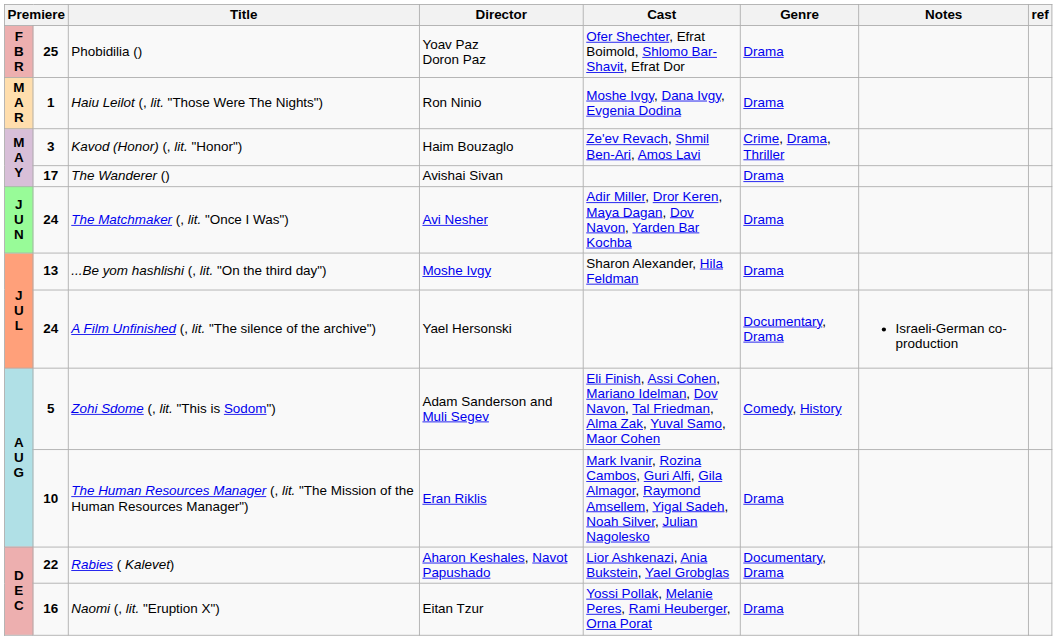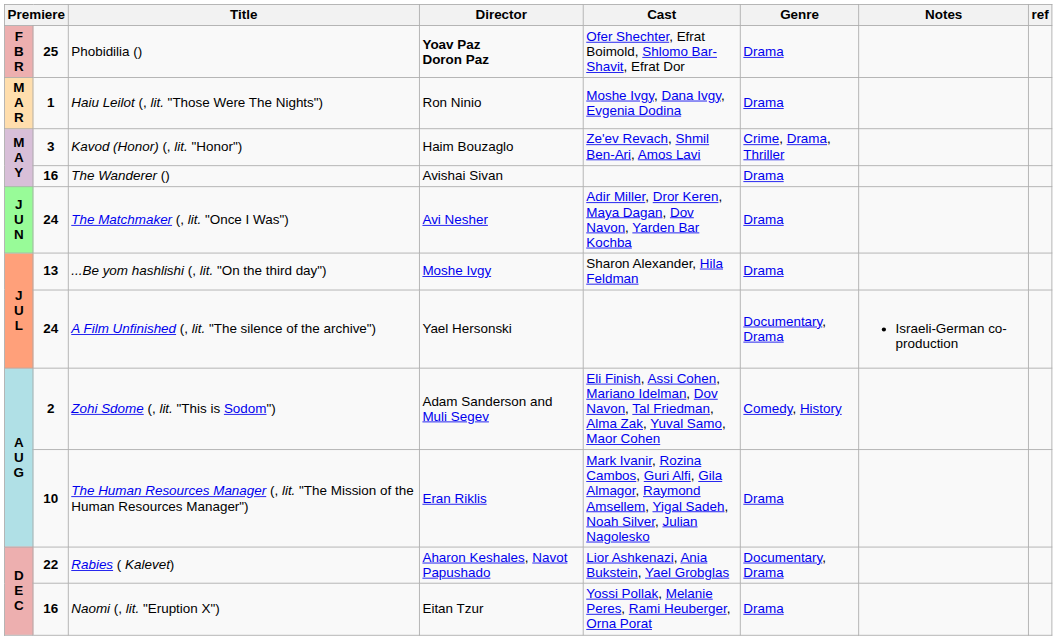 <table class="wikitable">
 <tr>
 <th colspan="2"><strong>Premiere</strong></th>
 <th>Title</th>
 <th>Director</th>
 <th width=15%>Cast</th>
 <th>Genre</th>
 <th>Notes</th>
 <th>ref</th>
 </tr>
 <tr>
 <td rowspan="1" align="center" style="background:#edafaf"><strong>F</strong><br><strong>B</strong><br><strong>R</strong></td>
 <td rowspan="1" align="center"><strong>25</strong></td>
 <td>Phobidilia ()</td>
-<td>Yoav Paz<br>Doron Paz</td>
+<td><strong>Yoav Paz<br>Doron Paz</strong></td>
 <td><a href='#'>Ofer Shechter</a>, Efrat Boimold, <a href='#'>Shlomo Bar-Shavit</a>, Efrat Dor</td>
 <td><a href='#'>Drama</a></td>
 <td></td>
 <td></td>
 </tr>
 <tr>
 <td rowspan="1" valign="center" align="center" style="background:#FFDEAD; textcolor:#000;"><strong>M<br>A<br>R</strong></td>
 <td rowspan="1" align="center"><strong>1</strong></td>
 <td><em>Haiu Leilot</em> (, <em>lit.</em> "Those Were The Nights")</td>
 <td>Ron Ninio</td>
 <td><a href='#'>Moshe Ivgy</a>, <a href='#'>Dana Ivgy</a>, <a href='#'>Evgenia Dodina</a></td>
 <td><a href='#'>Drama</a></td>
 <td></td>
 <td></td>
 </tr>
 <tr>
 <td rowspan="2" valign="center" align="center" style="background:thistle; textcolor:#000;"><strong>M<br>A<br>Y</strong></td>
 <td rowspan="1" align="center"><strong>3</strong></td>
 <td><em>Kavod (Honor)</em> (, <em>lit.</em> "Honor")</td>
 <td>Haim Bouzaglo</td>
 <td><a href='#'>Ze'ev Revach</a>, <a href='#'>Shmil Ben-Ari</a>, <a href='#'>Amos Lavi</a></td>
 <td><a href='#'>Crime</a>, <a href='#'>Drama</a>, <a href='#'>Thriller</a></td>
 <td></td>
 <td></td>
 </tr>
 <tr>
-<td rowspan="1" align="center"><strong>17</strong></td>
+<td rowspan="1" align="center"><strong>16</strong></td>
 <td><em>The Wanderer</em> ()</td>
 <td>Avishai Sivan</td>
 <td></td>
 <td><a href='#'>Drama</a></td>
 <td></td>
 <td></td>
 </tr>
 <tr>
 <td rowspan="1" valign="center" align="center" style="background:#98fb98; textcolor:#000;"><strong>J<br>U<br>N</strong></td>
 <td rowspan="1" align="center"><strong>24</strong></td>
 <td><em><a href='#'>The Matchmaker</a></em> (, <em>lit.</em> "Once I Was")</td>
 <td><a href='#'>Avi Nesher</a></td>
 <td><a href='#'>Adir Miller</a>, <a href='#'>Dror Keren</a>, <a href='#'>Maya Dagan</a>, <a href='#'>Dov Navon</a>, <a href='#'>Yarden Bar Kochba</a></td>
 <td><a href='#'>Drama</a></td>
 <td></td>
 <td></td>
 </tr>
 <tr>
 <td rowspan="2" valign="center" align="center" style="background:#ffa07a; textcolor:#000;"><strong>J<br>U<br>L</strong></td>
 <td rowspan="1" align="center"><strong>13</strong></td>
 <td><em>...Be yom hashlishi</em> (, <em>lit.</em> "On the third day")</td>
 <td><a href='#'>Moshe Ivgy</a></td>
 <td>Sharon Alexander, <a href='#'>Hila Feldman</a></td>
 <td><a href='#'>Drama</a></td>
 <td></td>
 <td></td>
 </tr>
 <tr>
 <td rowspan="1" align="center"><strong>24</strong></td>
 <td><em><a href='#'>A Film Unfinished</a></em> (, <em>lit.</em> "The silence of the archive")</td>
 <td>Yael Hersonski</td>
 <td></td>
 <td><a href='#'>Documentary</a>, <a href='#'>Drama</a></td>
 <td><br><ul><li>Israeli-German co-production</li></ul></td>
 <td></td>
 </tr>
 <tr>
 <td rowspan="2" valign="center" align="center" style="background:#B0E0E6; textcolor:#000;"><strong>A<br>U<br>G</strong></td>
-<td rowspan="1" align="center"><strong>5</strong></td>
+<td rowspan="1" align="center"><strong>2</strong></td>
 <td><em><a href='#'>Zohi Sdome</a></em> (, <em>lit.</em> "This is <a href='#'>Sodom</a>")</td>
 <td>Adam Sanderson and <a href='#'>Muli Segev</a></td>
 <td><a href='#'>Eli Finish</a>, <a href='#'>Assi Cohen</a>, <a href='#'>Mariano Idelman</a>, <a href='#'>Dov Navon</a>, <a href='#'>Tal Friedman</a>, <a href='#'>Alma Zak</a>, <a href='#'>Yuval Samo</a>, <a href='#'>Maor Cohen</a></td>
 <td><a href='#'>Comedy</a>, <a href='#'>History</a></td>
 <td></td>
 <td></td>
 </tr>
 <tr>
 <td rowspan="1" align="center"><strong>10</strong></td>
 <td><em><a href='#'>The Human Resources Manager</a></em> (, <em>lit.</em> "The Mission of the Human Resources Manager")</td>
 <td><a href='#'>Eran Riklis</a></td>
 <td><a href='#'>Mark Ivanir</a>, <a href='#'>Rozina Cambos</a>, <a href='#'>Guri Alfi</a>, <a href='#'>Gila Almagor</a>, <a href='#'>Raymond Amsellem</a>, <a href='#'>Yigal Sadeh</a>, <a href='#'>Noah Silver</a>, <a href='#'>Julian Nagolesko</a></td>
 <td><a href='#'>Drama</a></td>
 <td></td>
 <td></td>
 </tr>
 <tr>
 <td rowspan="2" valign="center" align="center" style="background:#edafaf; textcolor:#000;"><strong>D<br>E<br>C</strong></td>
 <td rowspan="1" align="center"><strong>22</strong></td>
 <td><em><a href='#'>Rabies</a></em> ( <em>Kalevet</em>)</td>
 <td><a href='#'>Aharon Keshales</a>, <a href='#'>Navot Papushado</a></td>
 <td><a href='#'>Lior Ashkenazi</a>, <a href='#'>Ania Bukstein</a>, <a href='#'>Yael Grobglas</a></td>
 <td><a href='#'>Documentary</a>, <a href='#'>Drama</a></td>
 <td></td>
 <td></td>
 </tr>
 <tr>
 <td rowspan="1" align="center"><strong>16</strong></td>
 <td><em>Naomi</em> (, <em>lit.</em> "Eruption X")</td>
 <td>Eitan Tzur</td>
 <td><a href='#'>Yossi Pollak</a>, <a href='#'>Melanie Peres</a>, <a href='#'>Rami Heuberger</a>, <a href='#'>Orna Porat</a></td>
 <td><a href='#'>Drama</a></td>
 <td></td>
 <td></td>
 </tr>
 </table>
